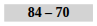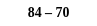 <table style="text-align:center">
 <tr>
 <th width=200></th>
 <th width=100></th>
 <th width=200></th>
 </tr>
 <tr>
 <td align=right><strong></strong></td>
-<td style="background: lightgrey;"><strong>84 – 70</strong></td>
+<td><strong>84 – 70</strong></td>
 <td align=left></td>
 </tr>
 </table>
